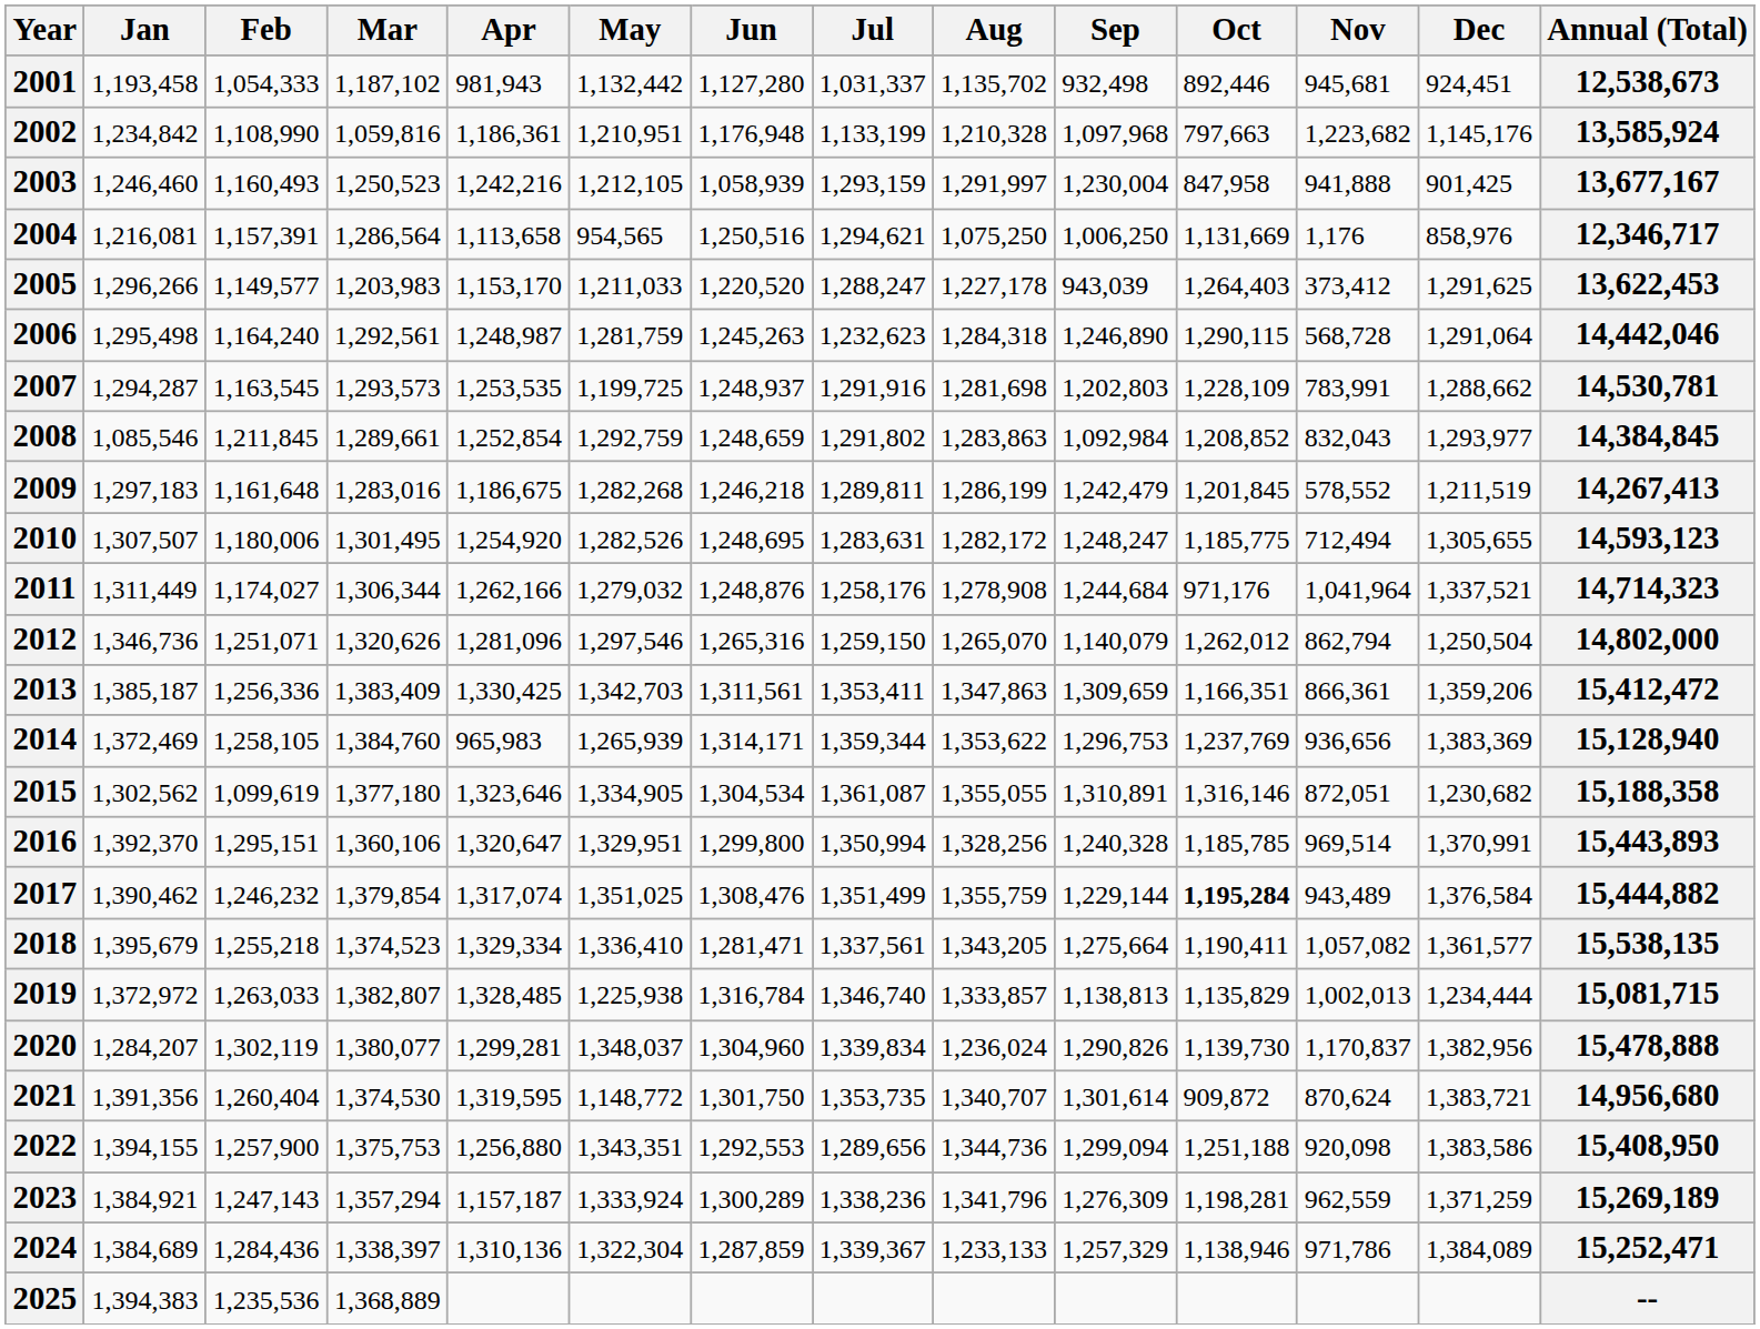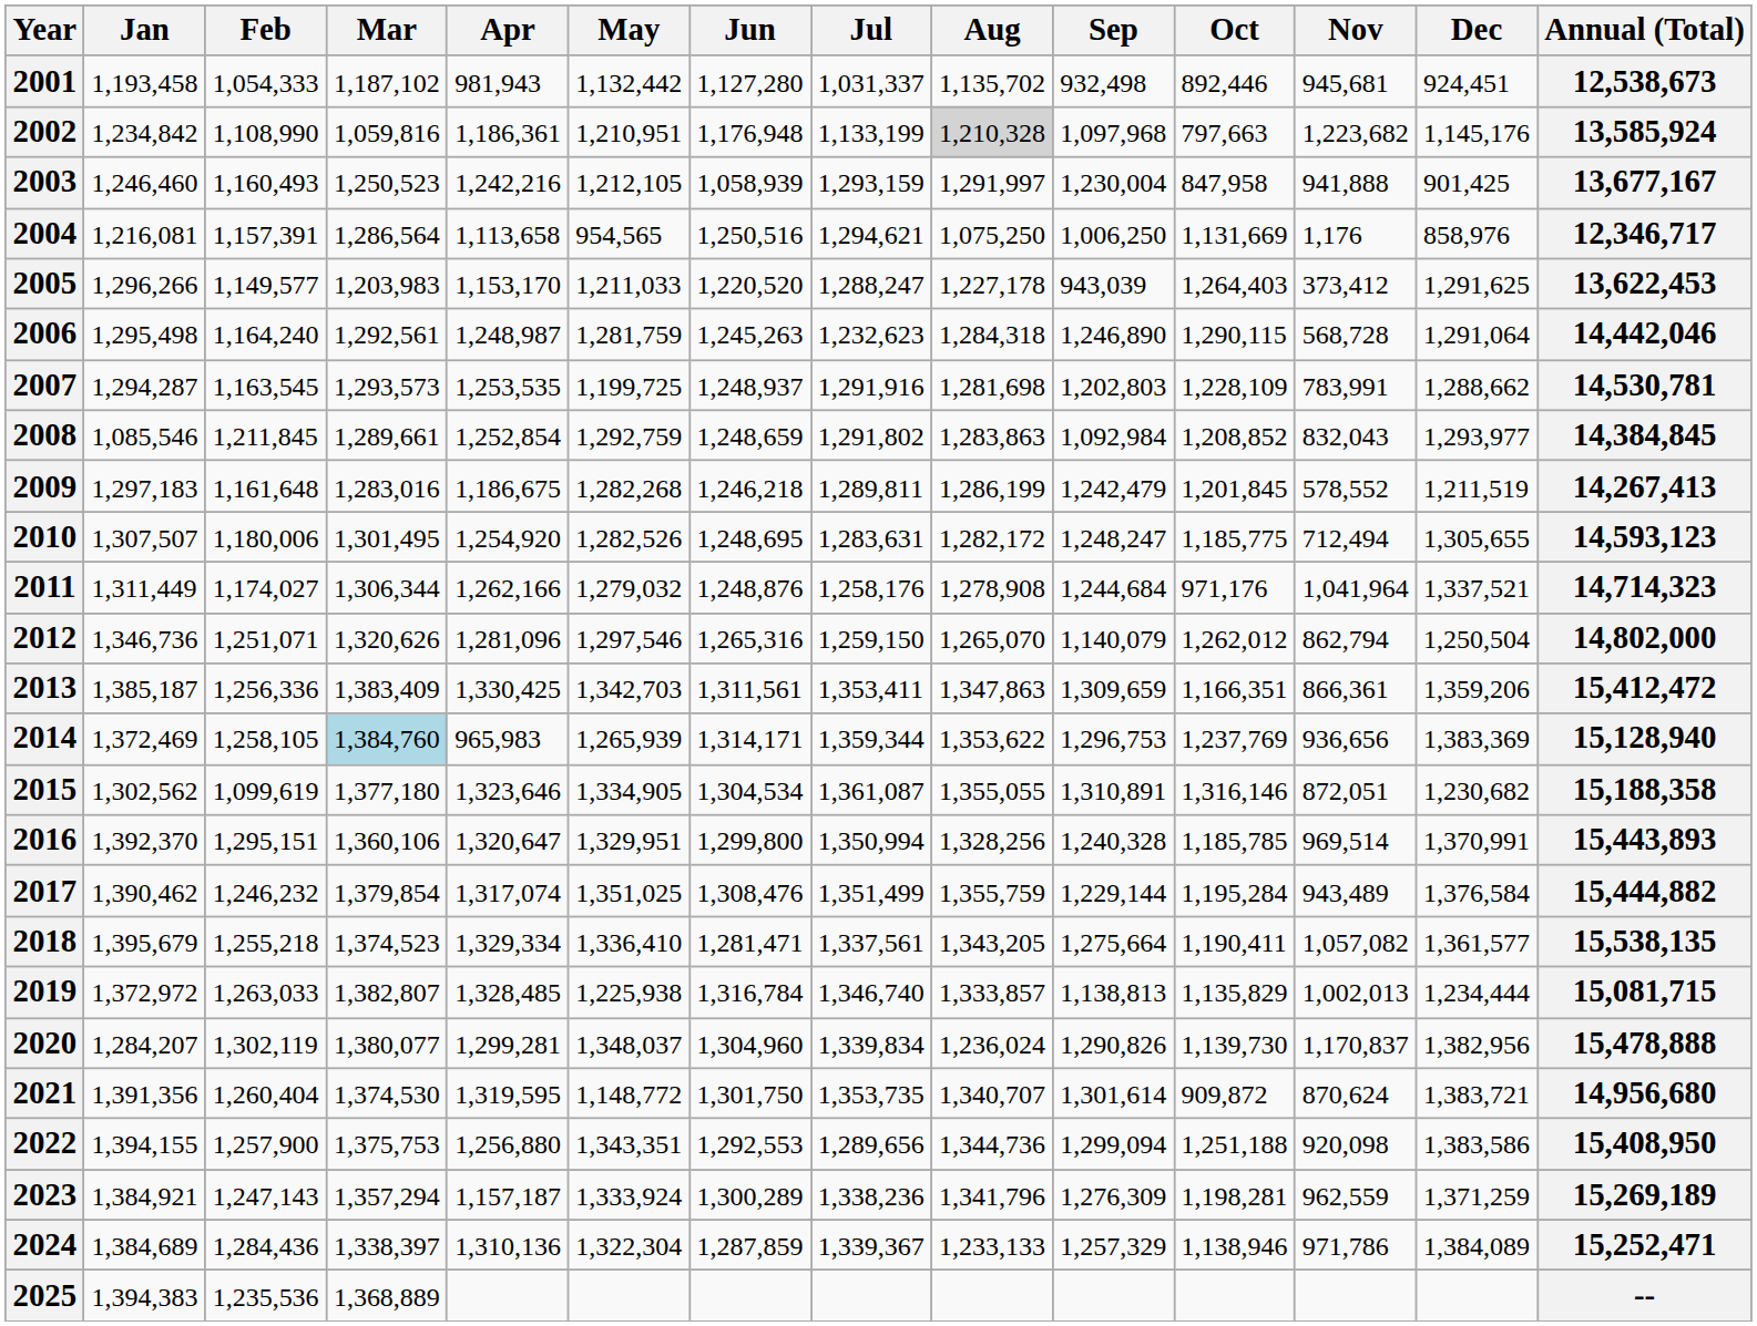 <table class="wikitable">
 <tr>
 <th>Year</th>
 <th>Jan</th>
 <th>Feb</th>
 <th>Mar</th>
 <th>Apr</th>
 <th>May</th>
 <th>Jun</th>
 <th>Jul</th>
 <th>Aug</th>
 <th>Sep</th>
 <th>Oct</th>
 <th>Nov</th>
 <th>Dec</th>
 <th>Annual (Total)</th>
 </tr>
 <tr>
 <th>2001</th>
 <td><small>1,193,458</small></td>
 <td><small>1,054,333</small></td>
 <td><small>1,187,102</small></td>
 <td><small>981,943</small></td>
 <td><small>1,132,442</small></td>
 <td><small>1,127,280</small></td>
 <td><small>1,031,337</small></td>
 <td><small>1,135,702</small></td>
 <td><small>932,498</small></td>
 <td><small>892,446</small></td>
 <td><small>945,681</small></td>
 <td><small>924,451</small></td>
 <th>12,538,673</th>
 </tr>
 <tr>
 <th>2002</th>
 <td><small>1,234,842</small></td>
 <td><small>1,108,990</small></td>
 <td><small>1,059,816</small></td>
 <td><small>1,186,361</small></td>
 <td><small>1,210,951</small></td>
 <td><small>1,176,948</small></td>
 <td><small>1,133,199</small></td>
-<td><small>1,210,328</small></td>
+<td style="background: lightgrey;"><small>1,210,328</small></td>
 <td><small>1,097,968</small></td>
 <td><small>797,663</small></td>
 <td><small>1,223,682</small></td>
 <td><small>1,145,176</small></td>
 <th>13,585,924</th>
 </tr>
 <tr>
 <th>2003</th>
 <td><small>1,246,460</small></td>
 <td><small>1,160,493</small></td>
 <td><small>1,250,523</small></td>
 <td><small>1,242,216</small></td>
 <td><small>1,212,105</small></td>
 <td><small>1,058,939</small></td>
 <td><small>1,293,159</small></td>
 <td><small>1,291,997</small></td>
 <td><small>1,230,004</small></td>
 <td><small>847,958</small></td>
 <td><small>941,888</small></td>
 <td><small>901,425</small></td>
 <th>13,677,167</th>
 </tr>
 <tr>
 <th>2004</th>
 <td><small>1,216,081</small></td>
 <td><small>1,157,391</small></td>
 <td><small>1,286,564</small></td>
 <td><small>1,113,658</small></td>
 <td><small>954,565</small></td>
 <td><small>1,250,516</small></td>
 <td><small>1,294,621</small></td>
 <td><small>1,075,250</small></td>
 <td><small>1,006,250</small></td>
 <td><small>1,131,669</small></td>
 <td><small>1,176</small></td>
 <td><small>858,976</small></td>
 <th>12,346,717</th>
 </tr>
 <tr>
 <th>2005</th>
 <td><small>1,296,266</small></td>
 <td><small>1,149,577</small></td>
 <td><small>1,203,983</small></td>
 <td><small>1,153,170</small></td>
 <td><small>1,211,033</small></td>
 <td><small>1,220,520</small></td>
 <td><small>1,288,247</small></td>
 <td><small>1,227,178</small></td>
 <td><small>943,039</small></td>
 <td><small>1,264,403</small></td>
 <td><small>373,412</small></td>
 <td><small>1,291,625</small></td>
 <th>13,622,453</th>
 </tr>
 <tr>
 <th>2006</th>
 <td><small>1,295,498</small></td>
 <td><small>1,164,240</small></td>
 <td><small>1,292,561</small></td>
 <td><small>1,248,987</small></td>
 <td><small>1,281,759</small></td>
 <td><small>1,245,263</small></td>
 <td><small>1,232,623</small></td>
 <td><small>1,284,318</small></td>
 <td><small>1,246,890</small></td>
 <td><small>1,290,115</small></td>
 <td><small>568,728</small></td>
 <td><small>1,291,064</small></td>
 <th>14,442,046</th>
 </tr>
 <tr>
 <th>2007</th>
 <td><small>1,294,287</small></td>
 <td><small>1,163,545</small></td>
 <td><small>1,293,573</small></td>
 <td><small>1,253,535</small></td>
 <td><small>1,199,725</small></td>
 <td><small>1,248,937</small></td>
 <td><small>1,291,916</small></td>
 <td><small>1,281,698</small></td>
 <td><small>1,202,803</small></td>
 <td><small>1,228,109</small></td>
 <td><small>783,991</small></td>
 <td><small>1,288,662</small></td>
 <th>14,530,781</th>
 </tr>
 <tr>
 <th>2008</th>
 <td><small>1,085,546</small></td>
 <td><small>1,211,845</small></td>
 <td><small>1,289,661</small></td>
 <td><small>1,252,854</small></td>
 <td><small>1,292,759</small></td>
 <td><small>1,248,659</small></td>
 <td><small>1,291,802</small></td>
 <td><small>1,283,863</small></td>
 <td><small>1,092,984</small></td>
 <td><small>1,208,852</small></td>
 <td><small>832,043</small></td>
 <td><small>1,293,977</small></td>
 <th>14,384,845</th>
 </tr>
 <tr>
 <th>2009</th>
 <td><small>1,297,183</small></td>
 <td><small>1,161,648</small></td>
 <td><small>1,283,016</small></td>
 <td><small>1,186,675</small></td>
 <td><small>1,282,268</small></td>
 <td><small>1,246,218</small></td>
 <td><small>1,289,811</small></td>
 <td><small>1,286,199</small></td>
 <td><small>1,242,479</small></td>
 <td><small>1,201,845</small></td>
 <td><small>578,552</small></td>
 <td><small>1,211,519</small></td>
 <th>14,267,413</th>
 </tr>
 <tr>
 <th>2010</th>
 <td><small>1,307,507</small></td>
 <td><small>1,180,006</small></td>
 <td><small>1,301,495</small></td>
 <td><small>1,254,920</small></td>
 <td><small>1,282,526</small></td>
 <td><small>1,248,695</small></td>
 <td><small>1,283,631</small></td>
 <td><small>1,282,172</small></td>
 <td><small>1,248,247</small></td>
 <td><small>1,185,775</small></td>
 <td><small>712,494</small></td>
 <td><small>1,305,655</small></td>
 <th>14,593,123</th>
 </tr>
 <tr>
 <th>2011</th>
 <td><small>1,311,449</small></td>
 <td><small>1,174,027</small></td>
 <td><small>1,306,344</small></td>
 <td><small>1,262,166</small></td>
 <td><small>1,279,032</small></td>
 <td><small>1,248,876</small></td>
 <td><small>1,258,176</small></td>
 <td><small>1,278,908</small></td>
 <td><small>1,244,684</small></td>
 <td><small>971,176</small></td>
 <td><small>1,041,964</small></td>
 <td><small>1,337,521</small></td>
 <th>14,714,323</th>
 </tr>
 <tr>
 <th>2012</th>
 <td><small>1,346,736</small></td>
 <td><small>1,251,071</small></td>
 <td><small>1,320,626</small></td>
 <td><small>1,281,096</small></td>
 <td><small>1,297,546</small></td>
 <td><small>1,265,316</small></td>
 <td><small>1,259,150</small></td>
 <td><small>1,265,070</small></td>
 <td><small>1,140,079</small></td>
 <td><small>1,262,012</small></td>
 <td><small>862,794</small></td>
 <td><small>1,250,504</small></td>
 <th>14,802,000</th>
 </tr>
 <tr>
 <th>2013</th>
 <td><small>1,385,187</small></td>
 <td><small>1,256,336</small></td>
 <td><small>1,383,409</small></td>
 <td><small>1,330,425</small></td>
 <td><small>1,342,703</small></td>
 <td><small>1,311,561</small></td>
 <td><small>1,353,411</small></td>
 <td><small>1,347,863</small></td>
 <td><small>1,309,659</small></td>
 <td><small>1,166,351</small></td>
 <td><small>866,361</small></td>
 <td><small>1,359,206</small></td>
 <th>15,412,472</th>
 </tr>
 <tr>
 <th>2014</th>
 <td><small>1,372,469</small></td>
 <td><small>1,258,105</small></td>
-<td><small>1,384,760</small></td>
+<td style="background: lightblue;"><small>1,384,760</small></td>
 <td><small>965,983</small></td>
 <td><small>1,265,939</small></td>
 <td><small>1,314,171</small></td>
 <td><small>1,359,344</small></td>
 <td><small>1,353,622</small></td>
 <td><small>1,296,753</small></td>
 <td><small>1,237,769</small></td>
 <td><small>936,656</small></td>
 <td><small>1,383,369</small></td>
 <th>15,128,940</th>
 </tr>
 <tr>
 <th>2015</th>
 <td><small>1,302,562</small></td>
 <td><small>1,099,619</small></td>
 <td><small>1,377,180</small></td>
 <td><small>1,323,646</small></td>
 <td><small>1,334,905</small></td>
 <td><small>1,304,534</small></td>
 <td><small>1,361,087</small></td>
 <td><small>1,355,055</small></td>
 <td><small>1,310,891</small></td>
 <td><small>1,316,146</small></td>
 <td><small>872,051</small></td>
 <td><small>1,230,682</small></td>
 <th>15,188,358</th>
 </tr>
 <tr>
 <th>2016</th>
 <td><small>1,392,370</small></td>
 <td><small>1,295,151</small></td>
 <td><small>1,360,106</small></td>
 <td><small>1,320,647</small></td>
 <td><small>1,329,951</small></td>
 <td><small>1,299,800</small></td>
 <td><small>1,350,994</small></td>
 <td><small>1,328,256</small></td>
 <td><small>1,240,328</small></td>
 <td><small>1,185,785</small></td>
 <td><small>969,514</small></td>
 <td><small>1,370,991</small></td>
 <th>15,443,893</th>
 </tr>
 <tr>
 <th>2017</th>
 <td><small>1,390,462</small></td>
 <td><small>1,246,232</small></td>
 <td><small>1,379,854</small></td>
 <td><small>1,317,074</small></td>
 <td><small>1,351,025</small></td>
 <td><small>1,308,476</small></td>
 <td><small>1,351,499</small></td>
 <td><small>1,355,759</small></td>
 <td><small>1,229,144</small></td>
-<td><strong><small>1,195,284</small></strong></td>
+<td><small>1,195,284</small></td>
 <td><small>943,489</small></td>
 <td><small>1,376,584</small></td>
 <th>15,444,882</th>
 </tr>
 <tr>
 <th>2018</th>
 <td><small>1,395,679</small></td>
 <td><small>1,255,218</small></td>
 <td><small>1,374,523</small></td>
 <td><small>1,329,334</small></td>
 <td><small>1,336,410</small></td>
 <td><small>1,281,471</small></td>
 <td><small>1,337,561</small></td>
 <td><small>1,343,205</small></td>
 <td><small>1,275,664</small></td>
 <td><small>1,190,411</small></td>
 <td><small>1,057,082</small></td>
 <td><small>1,361,577</small></td>
 <th>15,538,135</th>
 </tr>
 <tr>
 <th>2019</th>
 <td><small>1,372,972</small></td>
 <td><small>1,263,033</small></td>
 <td><small>1,382,807</small></td>
 <td><small>1,328,485</small></td>
 <td><small>1,225,938</small></td>
 <td><small>1,316,784</small></td>
 <td><small>1,346,740</small></td>
 <td><small>1,333,857</small></td>
 <td><small>1,138,813</small></td>
 <td><small>1,135,829</small></td>
 <td><small>1,002,013</small></td>
 <td><small>1,234,444</small></td>
 <th>15,081,715</th>
 </tr>
 <tr>
 <th>2020</th>
 <td><small>1,284,207</small></td>
 <td><small>1,302,119</small></td>
 <td><small>1,380,077</small></td>
 <td><small>1,299,281</small></td>
 <td><small>1,348,037</small></td>
 <td><small>1,304,960</small></td>
 <td><small>1,339,834</small></td>
 <td><small>1,236,024</small></td>
 <td><small>1,290,826</small></td>
 <td><small>1,139,730</small></td>
 <td><small>1,170,837</small></td>
 <td><small>1,382,956</small></td>
 <th>15,478,888</th>
 </tr>
 <tr>
 <th>2021</th>
 <td><small>1,391,356</small></td>
 <td><small>1,260,404</small></td>
 <td><small>1,374,530</small></td>
 <td><small>1,319,595</small></td>
 <td><small>1,148,772</small></td>
 <td><small>1,301,750</small></td>
 <td><small>1,353,735</small></td>
 <td><small>1,340,707</small></td>
 <td><small>1,301,614</small></td>
 <td><small>909,872</small></td>
 <td><small>870,624</small></td>
 <td><small>1,383,721</small></td>
 <th>14,956,680</th>
 </tr>
 <tr>
 <th>2022</th>
 <td><small>1,394,155</small></td>
 <td><small>1,257,900</small></td>
 <td><small>1,375,753</small></td>
 <td><small>1,256,880</small></td>
 <td><small>1,343,351</small></td>
 <td><small>1,292,553</small></td>
 <td><small>1,289,656</small></td>
 <td><small>1,344,736</small></td>
 <td><small>1,299,094</small></td>
 <td><small>1,251,188</small></td>
 <td><small>920,098</small></td>
 <td><small>1,383,586</small></td>
 <th>15,408,950</th>
 </tr>
 <tr>
 <th>2023</th>
 <td><small>1,384,921</small></td>
 <td><small>1,247,143</small></td>
 <td><small>1,357,294</small></td>
 <td><small>1,157,187</small></td>
 <td><small>1,333,924</small></td>
 <td><small>1,300,289</small></td>
 <td><small>1,338,236</small></td>
 <td><small>1,341,796</small></td>
 <td><small>1,276,309</small></td>
 <td><small>1,198,281</small></td>
 <td><small>962,559</small></td>
 <td><small>1,371,259</small></td>
 <th>15,269,189</th>
 </tr>
 <tr>
 <th>2024</th>
 <td><small>1,384,689</small></td>
 <td><small>1,284,436</small></td>
 <td><small>1,338,397</small></td>
 <td><small>1,310,136</small></td>
 <td><small>1,322,304</small></td>
 <td><small>1,287,859</small></td>
 <td><small>1,339,367</small></td>
 <td><small>1,233,133</small></td>
 <td><small>1,257,329</small></td>
 <td><small>1,138,946</small></td>
 <td><small>971,786</small></td>
 <td><small>1,384,089</small></td>
 <th>15,252,471</th>
 </tr>
 <tr>
 <th>2025</th>
 <td><small>1,394,383</small></td>
 <td><small>1,235,536</small></td>
 <td><small>1,368,889</small></td>
 <td><small></small></td>
 <td><small></small></td>
 <td><small></small></td>
 <td><small></small></td>
 <td><small></small></td>
 <td><small></small></td>
 <td><small></small></td>
 <td><small></small></td>
 <td><small></small></td>
 <th>--</th>
 </tr>
 <tr>
 </tr>
 </table>
